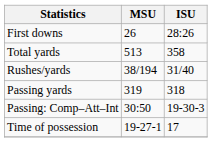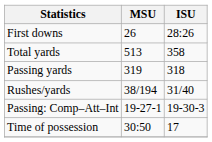 <table class="wikitable" style="float: left;">
 <tr>
 <th>Statistics</th>
 <th>MSU</th>
 <th>ISU</th>
 </tr>
 <tr>
 <td>First downs</td>
 <td>26</td>
 <td>28:26</td>
 </tr>
 <tr>
 <td>Total yards</td>
 <td>513</td>
 <td>358</td>
 </tr>
 <tr>
+<td>Passing yards</td>
+<td>319</td>
+<td>318</td>
+</tr>
+<tr>
 <td>Rushes/yards</td>
 <td>38/194</td>
 <td>31/40</td>
 </tr>
 <tr>
-<td>Passing yards</td>
-<td>319</td>
-<td>318</td>
-</tr>
-<tr>
 <td>Passing: Comp–Att–Int</td>
-<td>30:50</td>
+<td>19-27-1</td>
 <td>19-30-3</td>
 </tr>
 <tr>
 <td>Time of possession</td>
-<td>19-27-1</td>
+<td>30:50</td>
 <td>17</td>
 </tr>
 <tr>
 </tr>
 </table>
